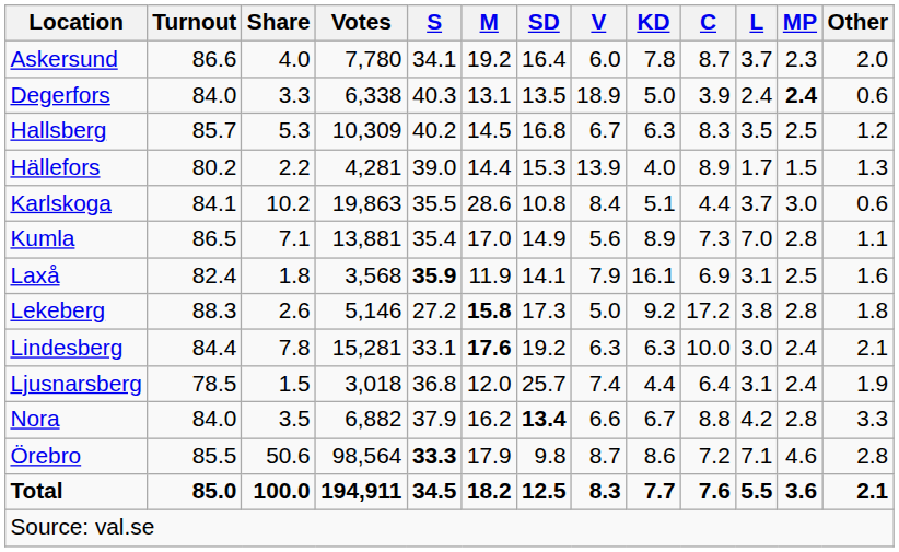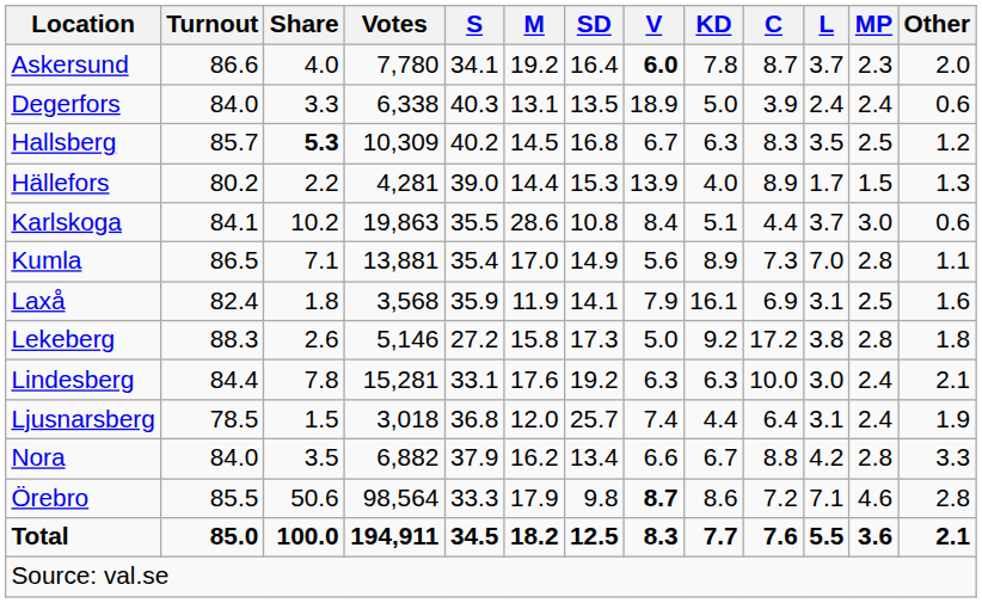 <table class="wikitable sortable" style=text-align:right>
 <tr>
 <th>Location</th>
 <th>Turnout</th>
 <th>Share</th>
 <th>Votes</th>
 <th><a href='#'>S</a></th>
 <th><a href='#'>M</a></th>
 <th><a href='#'>SD</a></th>
 <th><a href='#'>V</a></th>
 <th><a href='#'>KD</a></th>
 <th><a href='#'>C</a></th>
 <th><a href='#'>L</a></th>
 <th><a href='#'>MP</a></th>
 <th>Other</th>
 </tr>
 <tr>
 <td align=left><a href='#'>Askersund</a></td>
 <td>86.6</td>
 <td>4.0</td>
 <td>7,780</td>
 <td>34.1</td>
 <td>19.2</td>
 <td>16.4</td>
-<td>6.0</td>
+<td><strong>6.0</strong></td>
 <td>7.8</td>
 <td>8.7</td>
 <td>3.7</td>
 <td>2.3</td>
 <td>2.0</td>
 </tr>
 <tr>
 <td align=left><a href='#'>Degerfors</a></td>
 <td>84.0</td>
 <td>3.3</td>
 <td>6,338</td>
 <td>40.3</td>
 <td>13.1</td>
 <td>13.5</td>
 <td>18.9</td>
 <td>5.0</td>
 <td>3.9</td>
 <td>2.4</td>
-<td><strong>2.4</strong></td>
+<td>2.4</td>
 <td>0.6</td>
 </tr>
 <tr>
 <td align=left><a href='#'>Hallsberg</a></td>
 <td>85.7</td>
-<td>5.3</td>
+<td><strong>5.3</strong></td>
 <td>10,309</td>
 <td>40.2</td>
 <td>14.5</td>
 <td>16.8</td>
 <td>6.7</td>
 <td>6.3</td>
 <td>8.3</td>
 <td>3.5</td>
 <td>2.5</td>
 <td>1.2</td>
 </tr>
 <tr>
 <td align=left><a href='#'>Hällefors</a></td>
 <td>80.2</td>
 <td>2.2</td>
 <td>4,281</td>
 <td>39.0</td>
 <td>14.4</td>
 <td>15.3</td>
 <td>13.9</td>
 <td>4.0</td>
 <td>8.9</td>
 <td>1.7</td>
 <td>1.5</td>
 <td>1.3</td>
 </tr>
 <tr>
 <td align=left><a href='#'>Karlskoga</a></td>
 <td>84.1</td>
 <td>10.2</td>
 <td>19,863</td>
 <td>35.5</td>
 <td>28.6</td>
 <td>10.8</td>
 <td>8.4</td>
 <td>5.1</td>
 <td>4.4</td>
 <td>3.7</td>
 <td>3.0</td>
 <td>0.6</td>
 </tr>
 <tr>
 <td align=left><a href='#'>Kumla</a></td>
 <td>86.5</td>
 <td>7.1</td>
 <td>13,881</td>
 <td>35.4</td>
 <td>17.0</td>
 <td>14.9</td>
 <td>5.6</td>
 <td>8.9</td>
 <td>7.3</td>
 <td>7.0</td>
 <td>2.8</td>
 <td>1.1</td>
 </tr>
 <tr>
 <td align=left><a href='#'>Laxå</a></td>
 <td>82.4</td>
 <td>1.8</td>
 <td>3,568</td>
-<td><strong>35.9</strong></td>
+<td>35.9</td>
 <td>11.9</td>
 <td>14.1</td>
 <td>7.9</td>
 <td>16.1</td>
 <td>6.9</td>
 <td>3.1</td>
 <td>2.5</td>
 <td>1.6</td>
 </tr>
 <tr>
 <td align=left><a href='#'>Lekeberg</a></td>
 <td>88.3</td>
 <td>2.6</td>
 <td>5,146</td>
 <td>27.2</td>
-<td><strong>15.8</strong></td>
+<td>15.8</td>
 <td>17.3</td>
 <td>5.0</td>
 <td>9.2</td>
 <td>17.2</td>
 <td>3.8</td>
 <td>2.8</td>
 <td>1.8</td>
 </tr>
 <tr>
 <td align=left><a href='#'>Lindesberg</a></td>
 <td>84.4</td>
 <td>7.8</td>
 <td>15,281</td>
 <td>33.1</td>
-<td><strong>17.6</strong></td>
+<td>17.6</td>
 <td>19.2</td>
 <td>6.3</td>
 <td>6.3</td>
 <td>10.0</td>
 <td>3.0</td>
 <td>2.4</td>
 <td>2.1</td>
 </tr>
 <tr>
 <td align=left><a href='#'>Ljusnarsberg</a></td>
 <td>78.5</td>
 <td>1.5</td>
 <td>3,018</td>
 <td>36.8</td>
 <td>12.0</td>
 <td>25.7</td>
 <td>7.4</td>
 <td>4.4</td>
 <td>6.4</td>
 <td>3.1</td>
 <td>2.4</td>
 <td>1.9</td>
 </tr>
 <tr>
 <td align=left><a href='#'>Nora</a></td>
 <td>84.0</td>
 <td>3.5</td>
 <td>6,882</td>
 <td>37.9</td>
 <td>16.2</td>
-<td><strong>13.4</strong></td>
+<td>13.4</td>
 <td>6.6</td>
 <td>6.7</td>
 <td>8.8</td>
 <td>4.2</td>
 <td>2.8</td>
 <td>3.3</td>
 </tr>
 <tr>
 <td align=left><a href='#'>Örebro</a></td>
 <td>85.5</td>
 <td>50.6</td>
 <td>98,564</td>
-<td><strong>33.3</strong></td>
+<td>33.3</td>
 <td>17.9</td>
 <td>9.8</td>
-<td>8.7</td>
+<td><strong>8.7</strong></td>
 <td>8.6</td>
 <td>7.2</td>
 <td>7.1</td>
 <td>4.6</td>
 <td>2.8</td>
 </tr>
 <tr>
 <td align=left><strong>Total</strong></td>
 <td><strong>85.0</strong></td>
 <td><strong>100.0</strong></td>
 <td><strong>194,911</strong></td>
 <td><strong>34.5</strong></td>
 <td><strong>18.2</strong></td>
 <td><strong>12.5</strong></td>
 <td><strong>8.3</strong></td>
 <td><strong>7.7</strong></td>
 <td><strong>7.6</strong></td>
 <td><strong>5.5</strong></td>
 <td><strong>3.6</strong></td>
 <td><strong>2.1</strong></td>
 </tr>
 <tr>
 <td align=left colspan=13>Source: val.se</td>
 </tr>
 </table>
